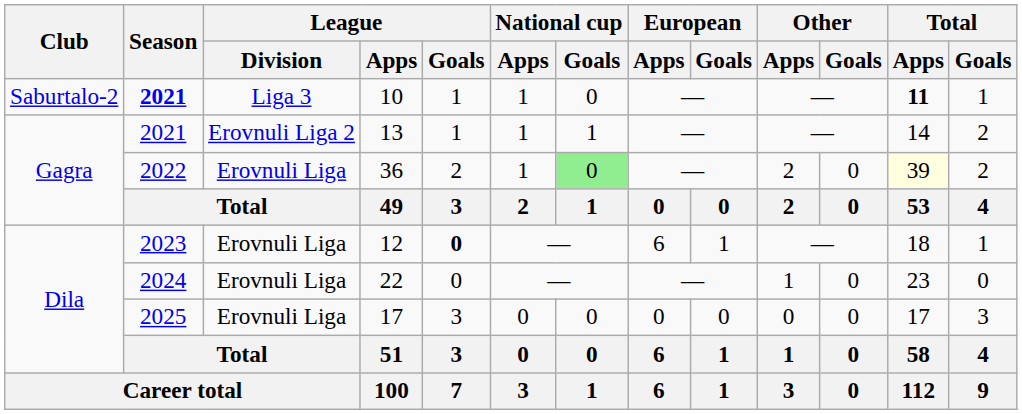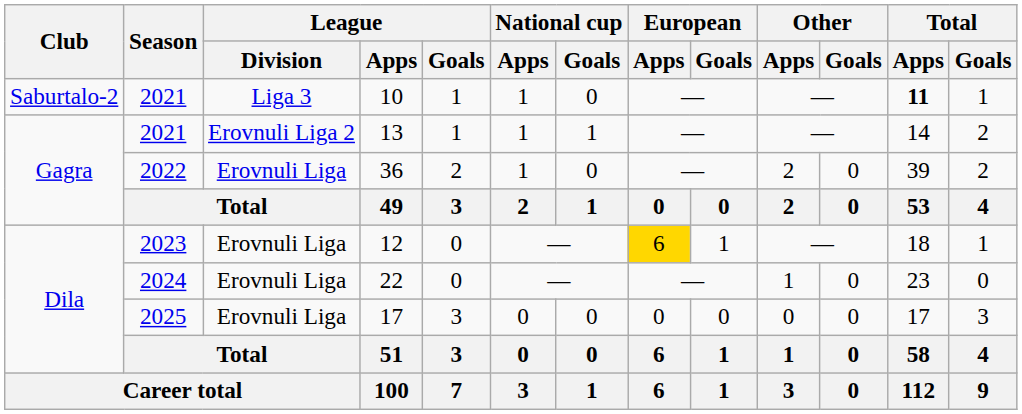 <table class="wikitable" style="text-align:center">
 <tr>
 <th rowspan="2">Club</th>
 <th rowspan="2">Season</th>
 <th colspan="3">League</th>
 <th colspan="2">National cup</th>
 <th colspan="2">European</th>
 <th colspan="2">Other</th>
 <th colspan="2">Total</th>
 </tr>
 <tr>
 <th>Division</th>
 <th>Apps</th>
 <th>Goals</th>
 <th>Apps</th>
 <th>Goals</th>
 <th>Apps</th>
 <th>Goals</th>
 <th>Apps</th>
 <th>Goals</th>
 <th>Apps</th>
 <th>Goals</th>
 </tr>
 <tr>
 <td><a href='#'>Saburtalo-2</a></td>
-<td><strong><a href='#'>2021</a></strong></td>
+<td><a href='#'>2021</a></td>
 <td><a href='#'>Liga 3</a></td>
 <td>10</td>
 <td>1</td>
 <td>1</td>
 <td>0</td>
 <td colspan="2">—</td>
 <td colspan="2">—</td>
 <td><strong>11</strong></td>
 <td>1</td>
 </tr>
 <tr>
 <td rowspan="3"><a href='#'>Gagra</a></td>
 <td><a href='#'>2021</a></td>
 <td><a href='#'>Erovnuli Liga 2</a></td>
 <td>13</td>
 <td>1</td>
 <td>1</td>
 <td>1</td>
 <td colspan="2">—</td>
 <td colspan="2">—</td>
 <td>14</td>
 <td>2</td>
 </tr>
 <tr>
 <td><a href='#'>2022</a></td>
 <td><a href='#'>Erovnuli Liga</a></td>
 <td>36</td>
 <td>2</td>
 <td>1</td>
-<td style="background: lightgreen;">0</td>
+<td>0</td>
 <td colspan="2">—</td>
 <td>2</td>
 <td>0</td>
-<td style="background: lightyellow;">39</td>
+<td>39</td>
 <td>2</td>
 </tr>
 <tr>
 <th colspan="2">Total</th>
 <th>49</th>
 <th>3</th>
 <th>2</th>
 <th>1</th>
 <th>0</th>
 <th>0</th>
 <th>2</th>
 <th>0</th>
 <th>53</th>
 <th>4</th>
 </tr>
 <tr>
 <td rowspan="4"><a href='#'>Dila</a></td>
 <td><a href='#'>2023</a></td>
 <td>Erovnuli Liga</td>
 <td>12</td>
-<td><strong>0</strong></td>
+<td>0</td>
 <td colspan="2">—</td>
-<td>6</td>
+<td style="background: gold;">6</td>
 <td>1</td>
 <td colspan="2">—</td>
 <td>18</td>
 <td>1</td>
 </tr>
 <tr>
 <td><a href='#'>2024</a></td>
 <td>Erovnuli Liga</td>
 <td>22</td>
 <td>0</td>
 <td colspan="2">—</td>
 <td colspan="2">—</td>
 <td>1</td>
 <td>0</td>
 <td>23</td>
 <td>0</td>
 </tr>
 <tr>
 <td><a href='#'>2025</a></td>
 <td>Erovnuli Liga</td>
 <td>17</td>
 <td>3</td>
 <td>0</td>
 <td>0</td>
 <td>0</td>
 <td>0</td>
 <td>0</td>
 <td>0</td>
 <td>17</td>
 <td>3</td>
 </tr>
 <tr>
 <th colspan="2">Total</th>
 <th>51</th>
 <th>3</th>
 <th>0</th>
 <th>0</th>
 <th>6</th>
 <th>1</th>
 <th>1</th>
 <th>0</th>
 <th>58</th>
 <th>4</th>
 </tr>
 <tr>
 <th colspan="3">Career total</th>
 <th>100</th>
 <th>7</th>
 <th>3</th>
 <th>1</th>
 <th>6</th>
 <th>1</th>
 <th>3</th>
 <th>0</th>
 <th>112</th>
 <th>9</th>
 </tr>
 </table>
